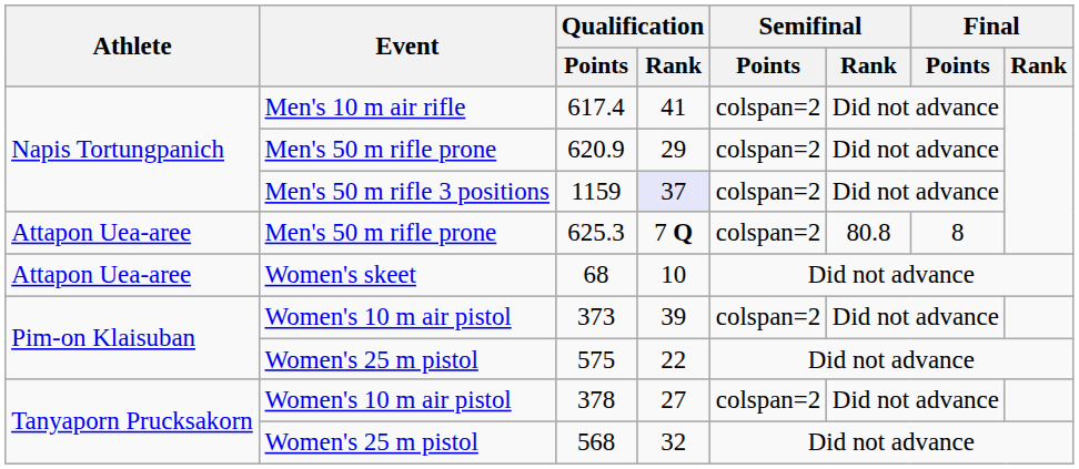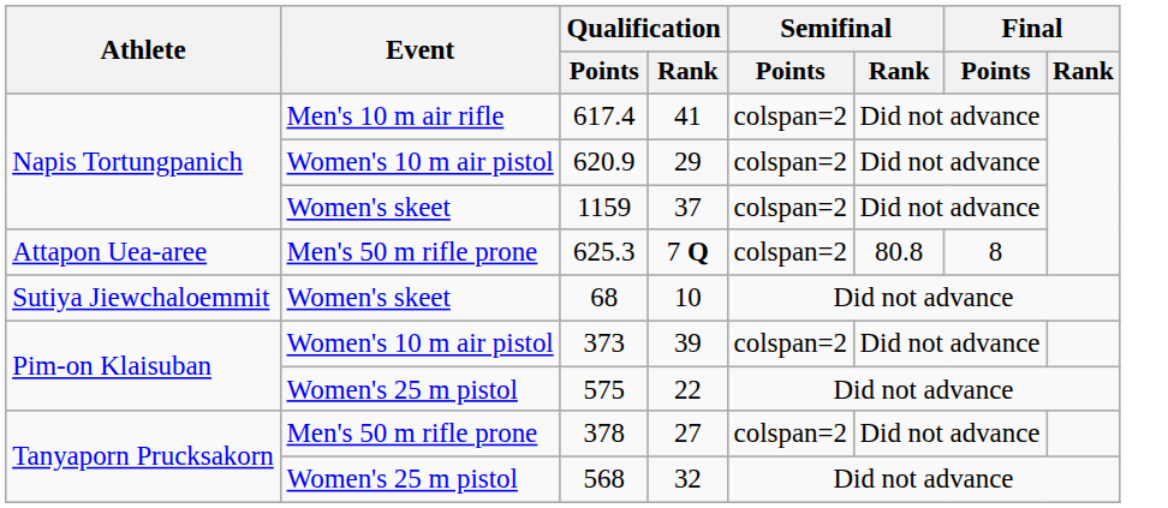 <table class="wikitable" style="font-size:90%">
 <tr>
 <th rowspan="2">Athlete</th>
 <th rowspan="2">Event</th>
 <th colspan=2>Qualification</th>
 <th colspan=2>Semifinal</th>
 <th colspan=2>Final</th>
 </tr>
 <tr style="font-size:95%">
 <th>Points</th>
 <th>Rank</th>
 <th>Points</th>
 <th>Rank</th>
 <th>Points</th>
 <th>Rank</th>
 </tr>
 <tr align=center>
 <td align=left rowspan=3><a href='#'>Napis Tortungpanich</a></td>
 <td align=left><a href='#'>Men's 10 m air rifle</a></td>
 <td>617.4</td>
 <td>41</td>
 <td>colspan=2 </td>
 <td colspan=2>Did not advance</td>
 </tr>
 <tr align=center>
-<td align=left><a href='#'>Men's 50 m rifle prone</a></td>
+<td align=left><a href='#'>Women's 10 m air pistol</a></td>
 <td>620.9</td>
 <td>29</td>
 <td>colspan=2 </td>
 <td colspan=2>Did not advance</td>
 </tr>
 <tr align=center>
-<td align=left><a href='#'>Men's 50 m rifle 3 positions</a></td>
+<td align=left><a href='#'>Women's skeet</a></td>
 <td>1159</td>
-<td style="background: lavender;">37</td>
+<td>37</td>
 <td>colspan=2 </td>
 <td colspan=2>Did not advance</td>
 </tr>
 <tr align=center>
 <td align=left><a href='#'>Attapon Uea-aree</a></td>
 <td align=left><a href='#'>Men's 50 m rifle prone</a></td>
 <td>625.3</td>
 <td>7 <strong>Q</strong></td>
 <td>colspan=2 </td>
 <td>80.8</td>
 <td>8</td>
 </tr>
 <tr align=center>
-<td align=left><a href='#'>Attapon Uea-aree</a></td>
+<td align=left><a href='#'>Sutiya Jiewchaloemmit</a></td>
 <td align=left><a href='#'>Women's skeet</a></td>
 <td>68</td>
 <td>10</td>
 <td colspan=4>Did not advance</td>
 </tr>
 <tr align=center>
 <td align=left rowspan=2><a href='#'>Pim-on Klaisuban</a></td>
 <td align=left><a href='#'>Women's 10 m air pistol</a></td>
 <td>373</td>
 <td>39</td>
 <td>colspan=2 </td>
 <td colspan=2>Did not advance</td>
 </tr>
 <tr align=center>
 <td align=left><a href='#'>Women's 25 m pistol</a></td>
 <td>575</td>
 <td>22</td>
 <td colspan=4>Did not advance</td>
 </tr>
 <tr align=center>
 <td align=left rowspan=2><a href='#'>Tanyaporn Prucksakorn</a></td>
-<td align=left><a href='#'>Women's 10 m air pistol</a></td>
+<td align=left><a href='#'>Men's 50 m rifle prone</a></td>
 <td>378</td>
 <td>27</td>
 <td>colspan=2 </td>
 <td colspan=2>Did not advance</td>
 </tr>
 <tr align=center>
 <td align=left><a href='#'>Women's 25 m pistol</a></td>
 <td>568</td>
 <td>32</td>
 <td colspan=4>Did not advance</td>
 </tr>
 </table>
